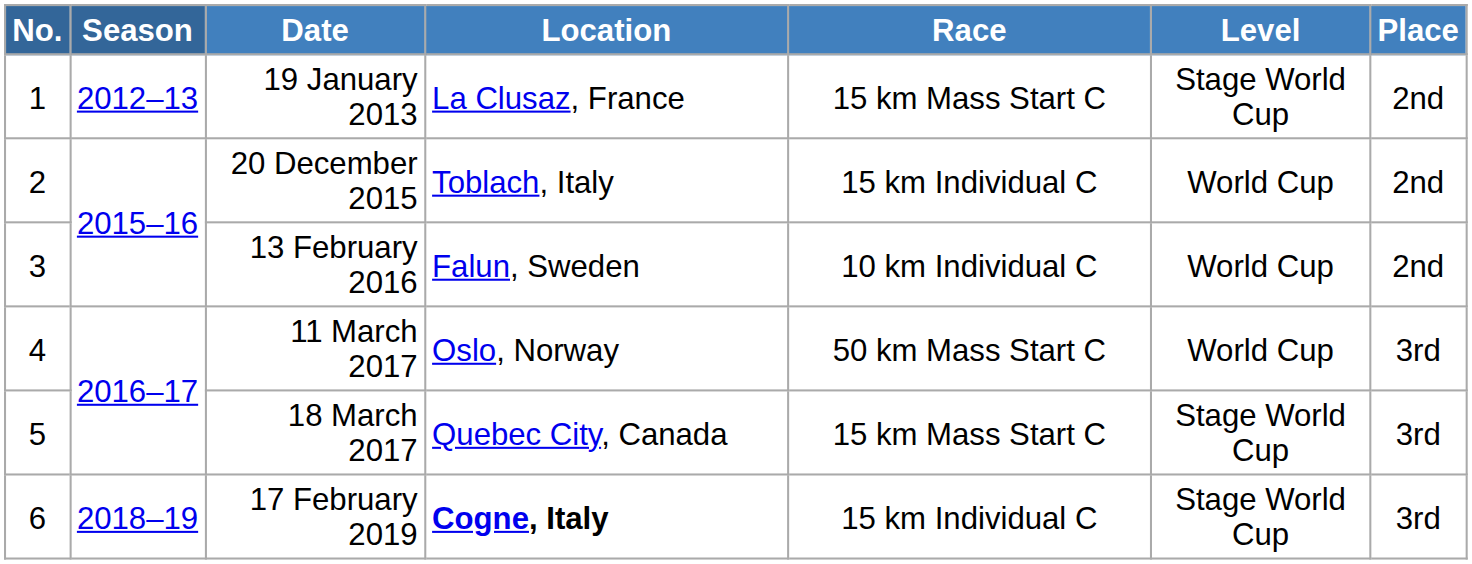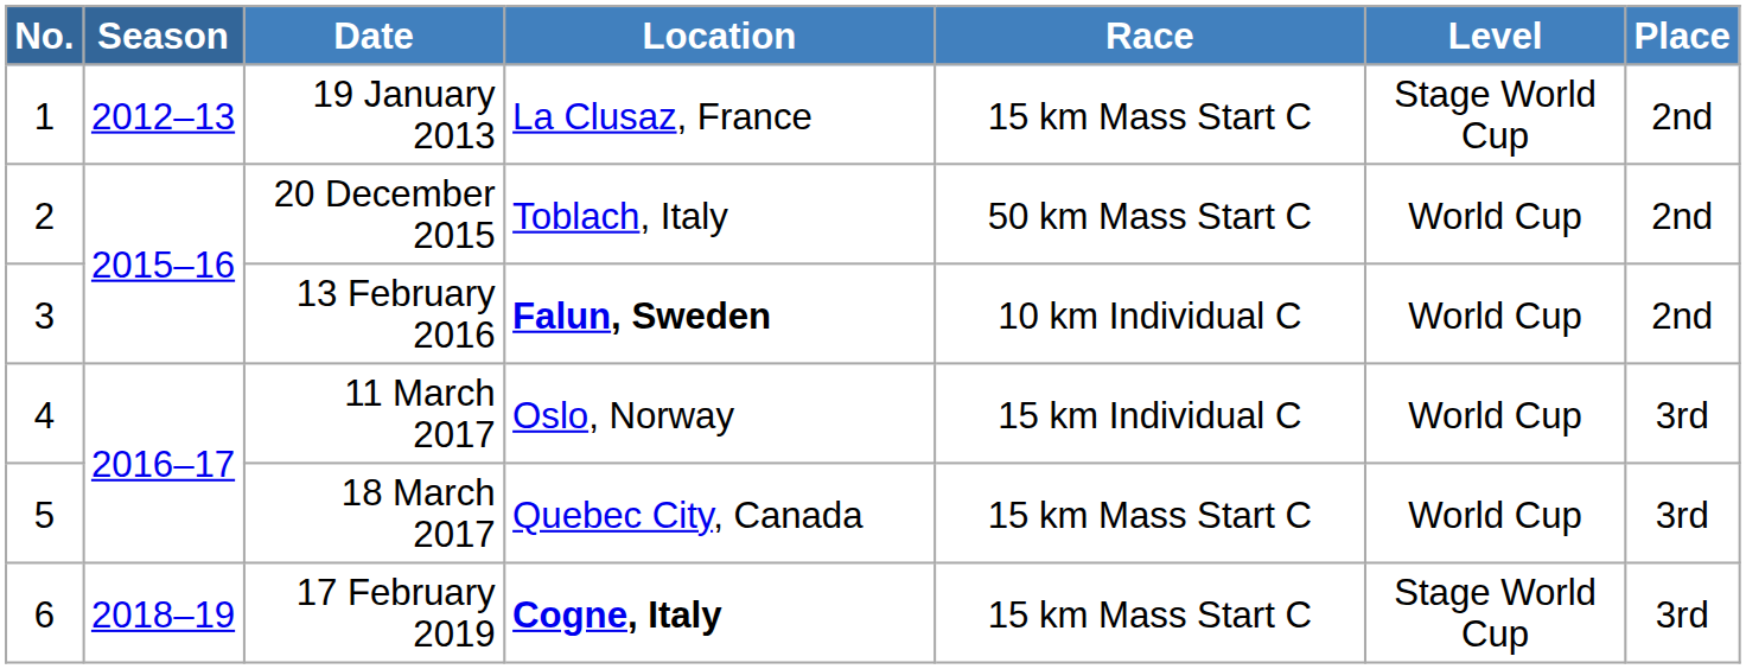 <table class="wikitable sortable" style="font-size:95%; text-align:center; border:grey solid 1px; border-collapse:collapse; background:#ffffff;">
 <tr style="background:#efefef;">
 <th style="background-color:#369; color:white;">No.</th>
 <th style="background-color:#369; color:white;">Season</th>
 <th style="background-color:#4180be; color:white; width:100px;">Date</th>
 <th style="background-color:#4180be; color:white; width:170px;">Location</th>
 <th style="background-color:#4180be; color:white; width:170px;">Race</th>
 <th style="background-color:#4180be; color:white; width:100px;">Level</th>
 <th style="background-color:#4180be; color:white;">Place</th>
 </tr>
 <tr>
 <td align=center>1</td>
 <td rowspan=1 align=center><a href='#'>2012–13</a></td>
 <td align=right>19 January 2013</td>
 <td align=left> <a href='#'>La Clusaz</a>, France</td>
 <td>15 km Mass Start C</td>
 <td>Stage World Cup</td>
 <td>2nd</td>
 </tr>
 <tr>
 <td align=center>2</td>
 <td rowspan=2 align=center><a href='#'>2015–16</a></td>
 <td align=right>20 December 2015</td>
 <td align=left> <a href='#'>Toblach</a>, Italy</td>
-<td>15 km Individual C</td>
+<td>50 km Mass Start C</td>
 <td>World Cup</td>
 <td>2nd</td>
 </tr>
 <tr>
 <td align=center>3</td>
 <td align=right>13 February 2016</td>
-<td align=left> <a href='#'>Falun</a>, Sweden</td>
+<td align=left><strong> <a href='#'>Falun</a>, Sweden</strong></td>
 <td>10 km Individual C</td>
 <td>World Cup</td>
 <td>2nd</td>
 </tr>
 <tr>
 <td align=center>4</td>
 <td rowspan=2 align=center><a href='#'>2016–17</a></td>
 <td align=right>11 March 2017</td>
 <td align=left> <a href='#'>Oslo</a>, Norway</td>
-<td>50 km Mass Start C</td>
+<td>15 km Individual C</td>
 <td>World Cup</td>
 <td>3rd</td>
 </tr>
 <tr>
 <td align=center>5</td>
 <td align=right>18 March 2017</td>
 <td align=left> <a href='#'>Quebec City</a>, Canada</td>
 <td>15 km Mass Start C</td>
-<td>Stage World Cup</td>
+<td>World Cup</td>
 <td>3rd</td>
 </tr>
 <tr>
 <td align=center>6</td>
 <td rowspan=1 align=center><a href='#'>2018–19</a></td>
 <td align=right>17 February 2019</td>
 <td align=left><strong> <a href='#'>Cogne</a>, Italy</strong></td>
-<td>15 km Individual C</td>
+<td>15 km Mass Start C</td>
 <td>Stage World Cup</td>
 <td>3rd</td>
 </tr>
 </table>
